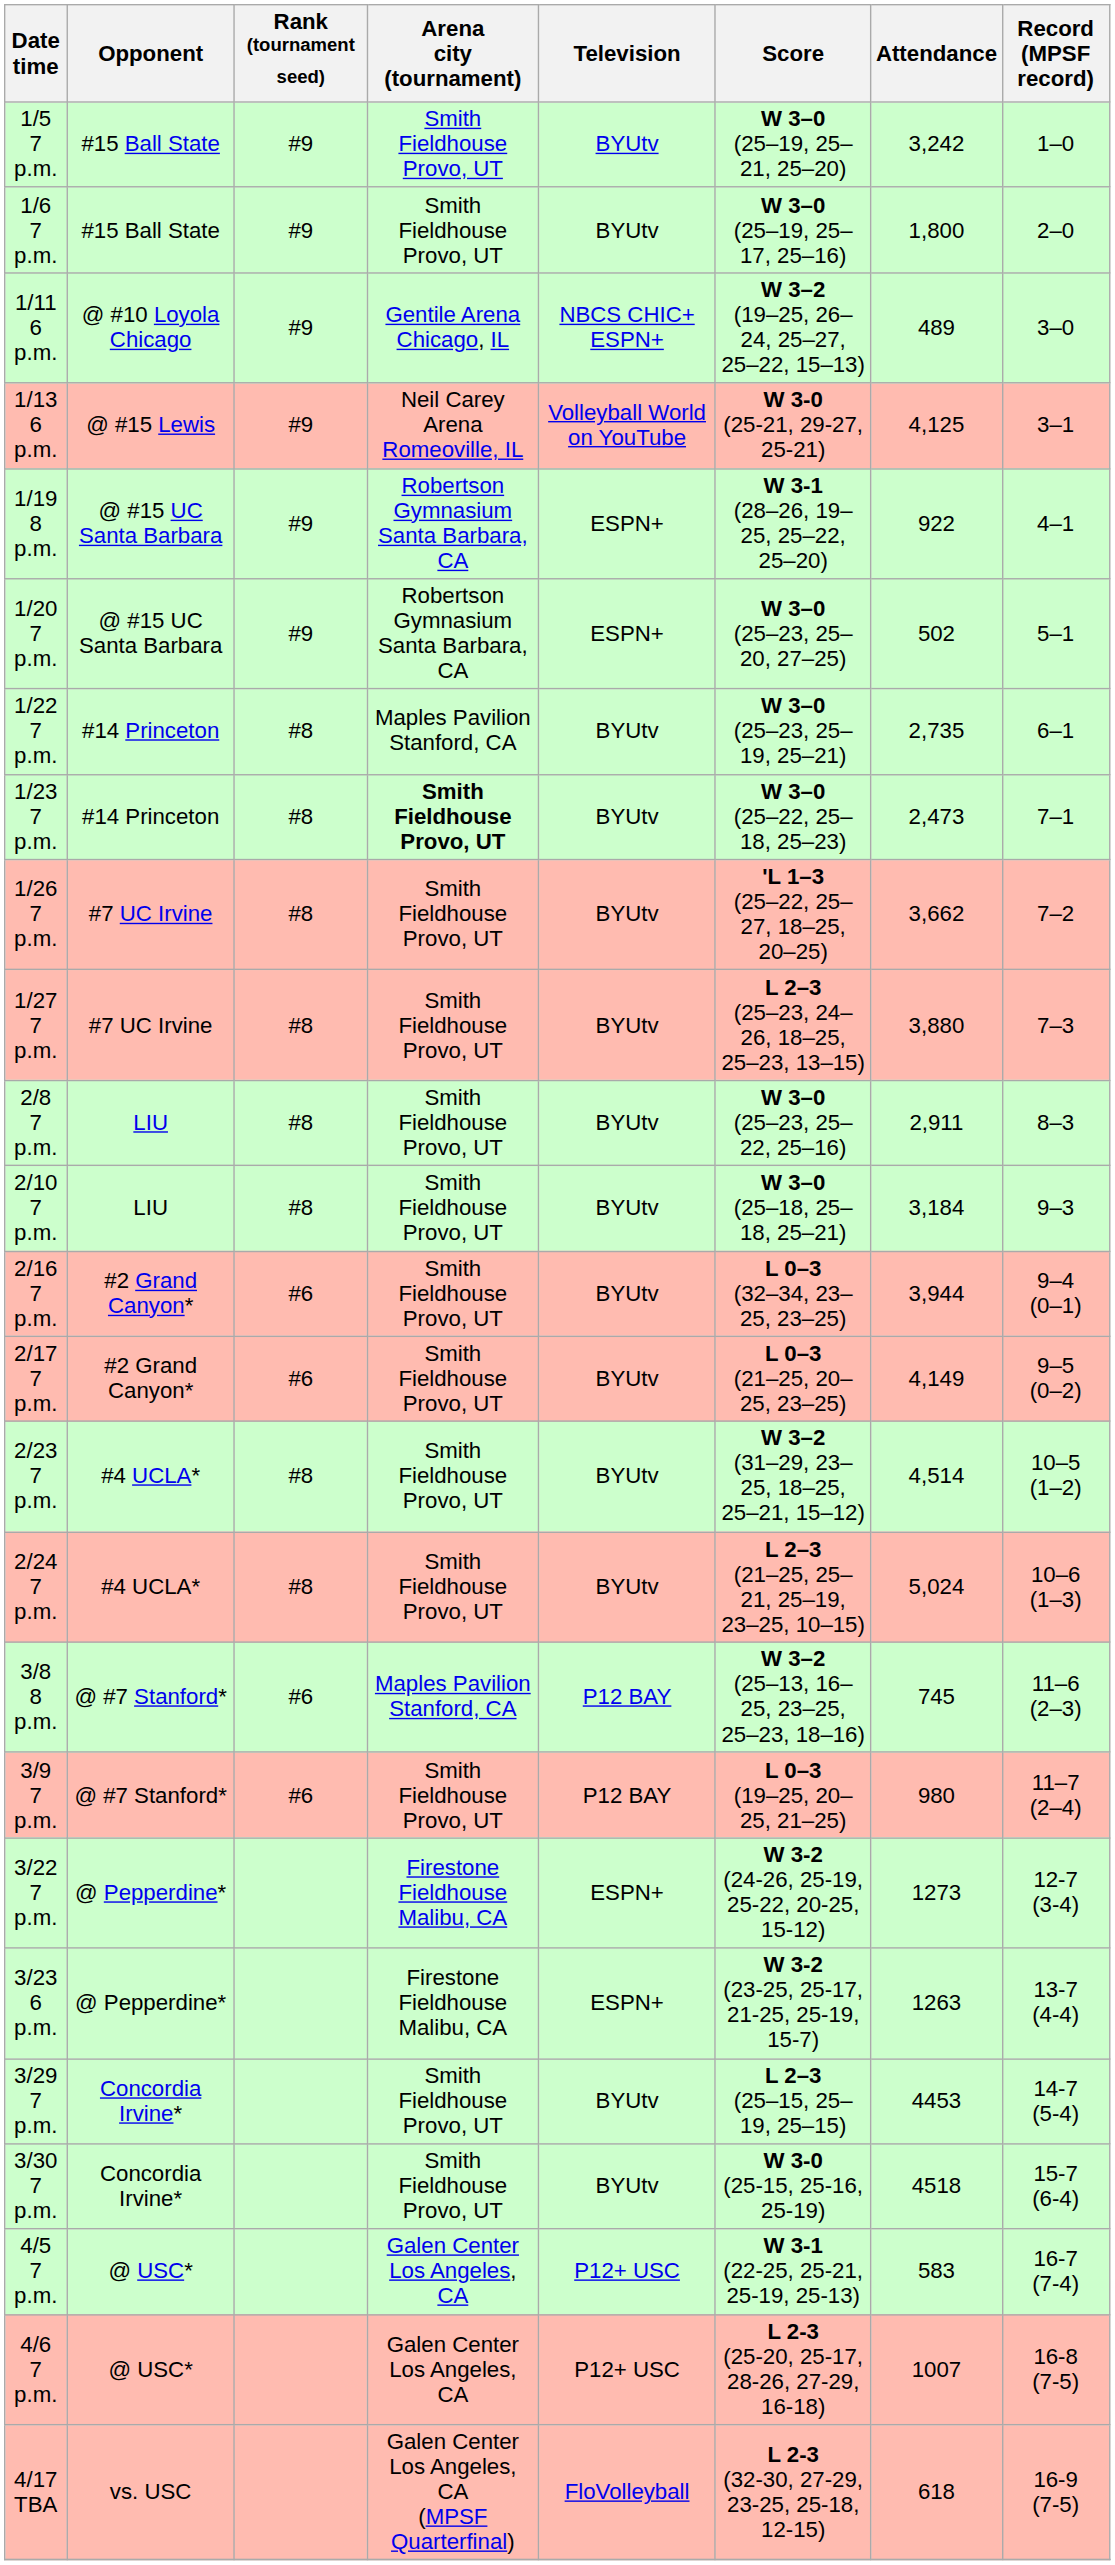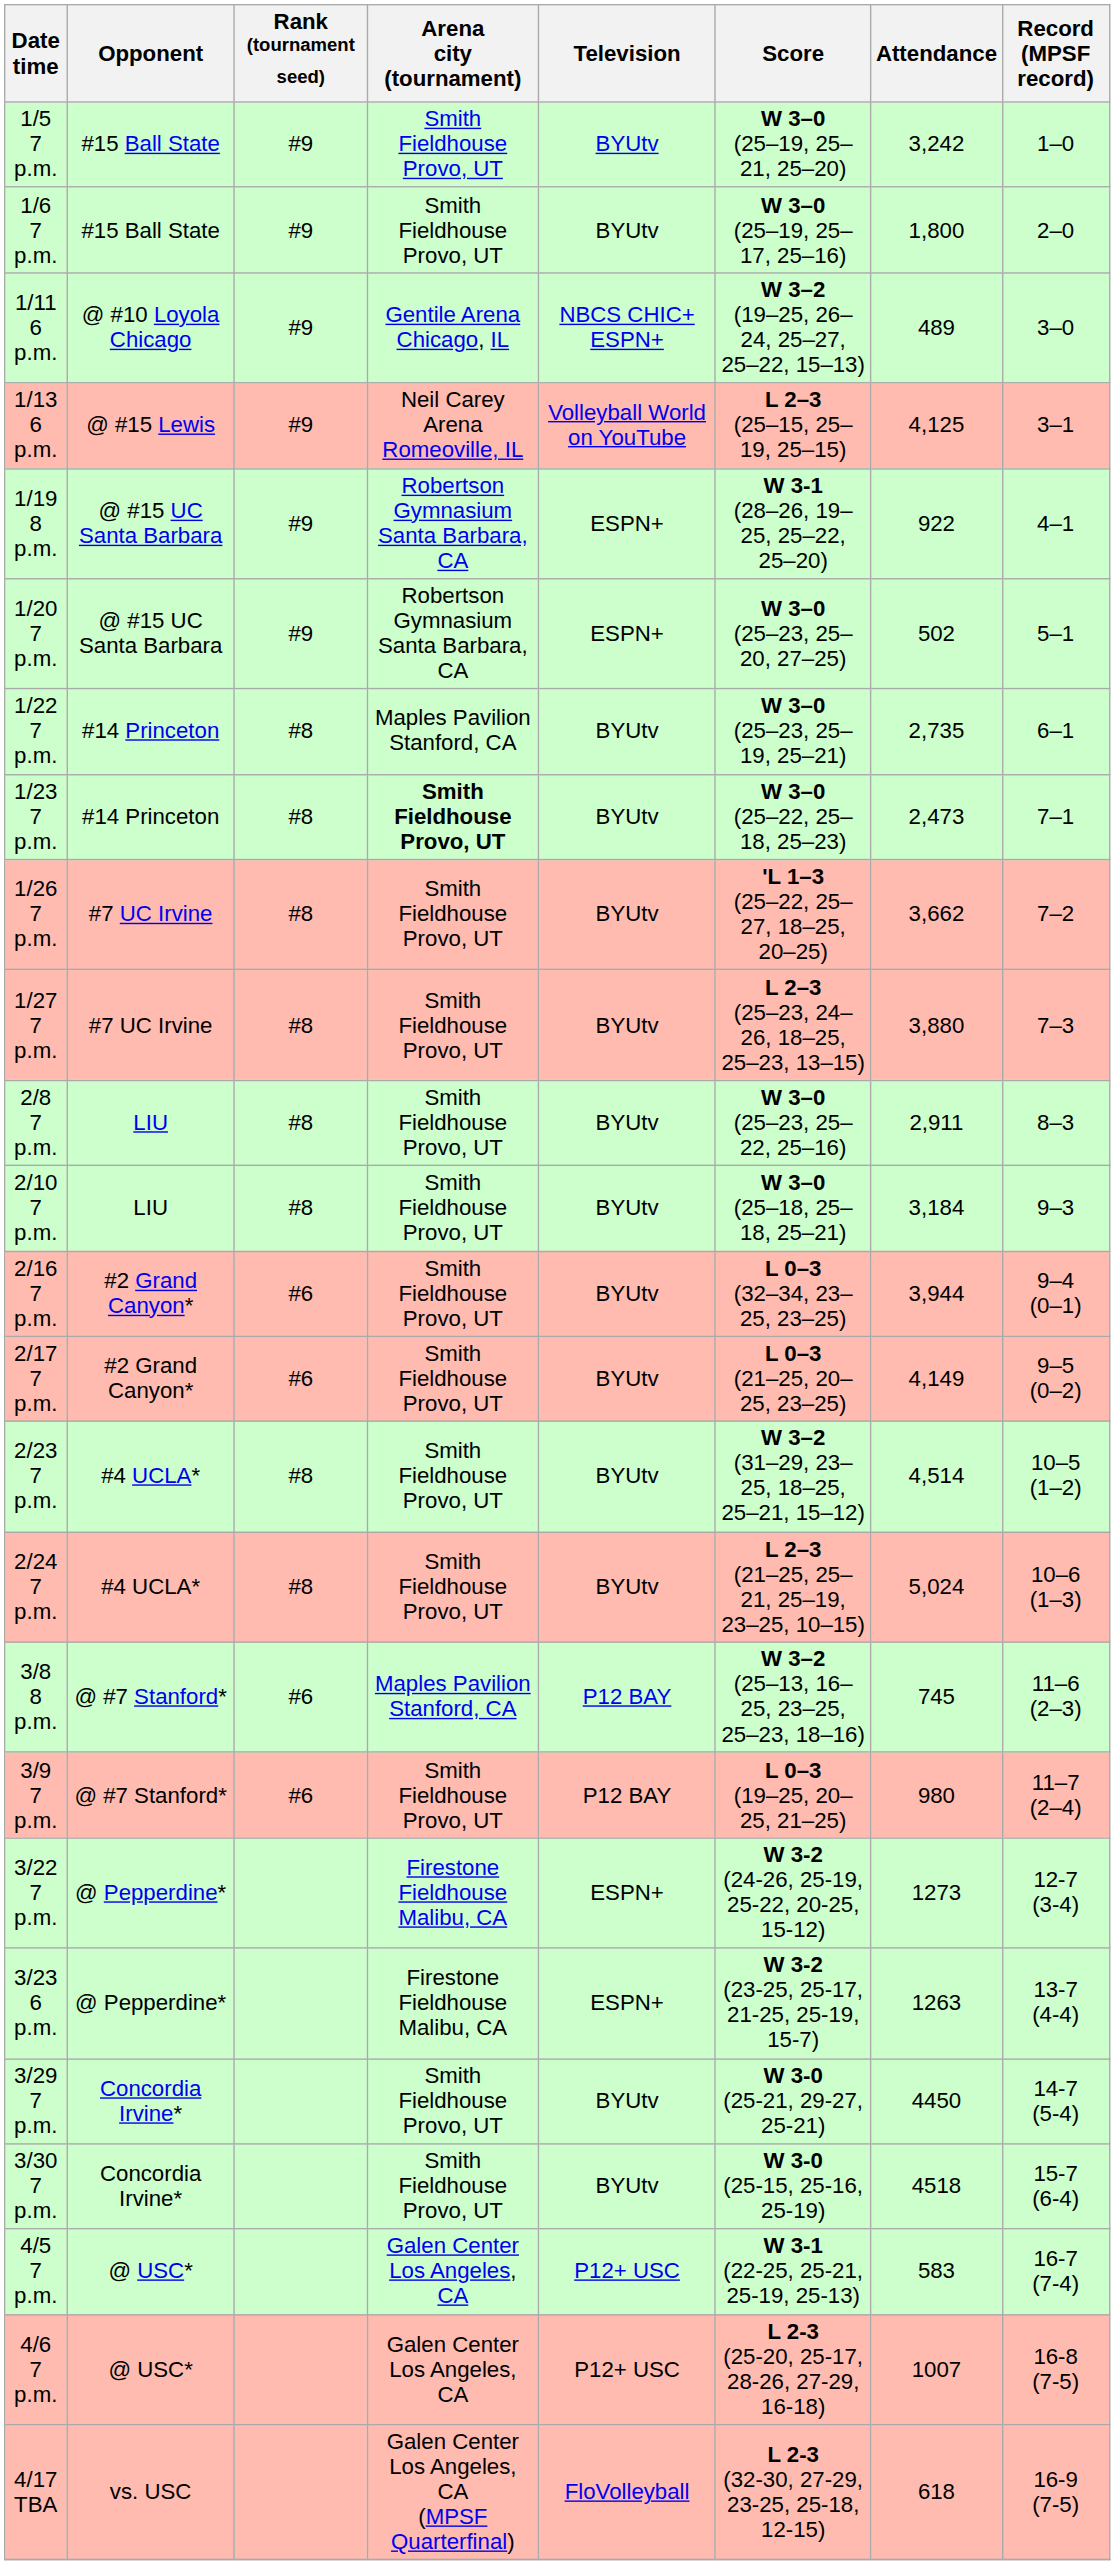 <table class="wikitable sortable" style="width:90%">
 <tr>
 <th>Date<br>time</th>
 <th>Opponent</th>
 <th>Rank<br><sup>(tournament seed)</sup></th>
 <th>Arena<br>city<br>(tournament)</th>
 <th>Television</th>
 <th>Score</th>
 <th>Attendance</th>
 <th>Record<br>(MPSF record)</th>
 </tr>
 <tr align="center" bgcolor="#ccffcc">
 <td>1/5<br>7 p.m.</td>
 <td>#15 <a href='#'>Ball State</a></td>
 <td>#9</td>
 <td><a href='#'>Smith Fieldhouse</a><br><a href='#'>Provo, UT</a></td>
 <td><a href='#'>BYUtv</a></td>
 <td><strong>W 3–0</strong><br>(25–19, 25–21, 25–20)</td>
 <td>3,242</td>
 <td>1–0</td>
 </tr>
 <tr align="center" bgcolor="#ccffcc">
 <td>1/6<br>7 p.m.</td>
 <td>#15 Ball State</td>
 <td>#9</td>
 <td>Smith Fieldhouse<br>Provo, UT</td>
 <td>BYUtv</td>
 <td><strong>W 3–0</strong><br>(25–19, 25–17, 25–16)</td>
 <td>1,800</td>
 <td>2–0</td>
 </tr>
 <tr align="center" bgcolor="#ccffcc">
 <td>1/11<br>6 p.m.</td>
 <td>@ #10 <a href='#'>Loyola Chicago</a></td>
 <td>#9</td>
 <td><a href='#'>Gentile Arena</a><br><a href='#'>Chicago</a>, <a href='#'>IL</a></td>
 <td><a href='#'>NBCS CHIC+</a><br><a href='#'>ESPN+</a></td>
 <td><strong>W 3–2</strong><br>(19–25, 26–24, 25–27, 25–22, 15–13)</td>
 <td>489</td>
 <td>3–0</td>
 </tr>
 <tr align="center" bgcolor="#ffbbb">
 <td>1/13<br>6 p.m.</td>
 <td>@ #15 <a href='#'>Lewis</a></td>
 <td>#9</td>
 <td>Neil Carey Arena<br><a href='#'>Romeoville, IL</a></td>
 <td><a href='#'>Volleyball World on YouTube</a></td>
-<td><strong>W 3-0</strong><br>(25-21, 29-27, 25-21)</td>
+<td><strong>L 2–3</strong><br>(25–15, 25–19, 25–15)</td>
 <td>4,125</td>
 <td>3–1</td>
 </tr>
 <tr align="center" bgcolor="#ccffcc">
 <td>1/19<br>8 p.m.</td>
 <td>@ #15 <a href='#'>UC Santa Barbara</a></td>
 <td>#9</td>
 <td><a href='#'>Robertson Gymnasium</a><br><a href='#'>Santa Barbara, CA</a></td>
 <td>ESPN+</td>
 <td><strong>W 3-1</strong><br>(28–26, 19–25, 25–22, 25–20)</td>
 <td>922</td>
 <td>4–1</td>
 </tr>
 <tr align="center" bgcolor="#ccffcc">
 <td>1/20<br>7 p.m.</td>
 <td>@ #15 UC Santa Barbara</td>
 <td>#9</td>
 <td>Robertson Gymnasium<br>Santa Barbara, CA</td>
 <td>ESPN+</td>
 <td><strong>W 3–0</strong><br>(25–23, 25–20, 27–25)</td>
 <td>502</td>
 <td>5–1</td>
 </tr>
 <tr align="center" bgcolor="#ccffcc">
 <td>1/22<br>7 p.m.</td>
 <td>#14 <a href='#'>Princeton</a></td>
 <td>#8</td>
 <td>Maples Pavilion<br>Stanford, CA</td>
 <td>BYUtv</td>
 <td><strong>W 3–0</strong> <br>(25–23, 25–19, 25–21)</td>
 <td>2,735</td>
 <td>6–1</td>
 </tr>
 <tr align="center" bgcolor="#ccffcc">
 <td>1/23<br>7 p.m.</td>
 <td>#14 Princeton</td>
 <td>#8</td>
 <td><strong>Smith Fieldhouse<br>Provo, UT</strong></td>
 <td>BYUtv</td>
 <td><strong>W 3–0</strong> <br>(25–22, 25–18, 25–23)</td>
 <td>2,473</td>
 <td>7–1</td>
 </tr>
 <tr align="center" bgcolor="#ffbbb">
 <td>1/26<br>7 p.m.</td>
 <td>#7 <a href='#'>UC Irvine</a></td>
 <td>#8</td>
 <td>Smith Fieldhouse<br>Provo, UT</td>
 <td>BYUtv</td>
 <td><strong>'L 1–3</strong> <br> (25–22, 25–27, 18–25, 20–25)</td>
 <td>3,662</td>
 <td>7–2</td>
 </tr>
 <tr align="center" bgcolor="#ffbbb">
 <td>1/27<br>7 p.m.</td>
 <td>#7 UC Irvine</td>
 <td>#8</td>
 <td>Smith Fieldhouse<br>Provo, UT</td>
 <td>BYUtv</td>
 <td><strong>L 2–3</strong> <br> (25–23, 24–26, 18–25, 25–23, 13–15)</td>
 <td>3,880</td>
 <td>7–3</td>
 </tr>
 <tr align="center" bgcolor="#ccffcc">
 <td>2/8<br>7 p.m.</td>
 <td><a href='#'>LIU</a></td>
 <td>#8</td>
 <td>Smith Fieldhouse<br>Provo, UT</td>
 <td>BYUtv</td>
 <td><strong>W 3–0</strong> <br> (25–23, 25–22, 25–16)</td>
 <td>2,911</td>
 <td>8–3</td>
 </tr>
 <tr align="center" bgcolor="#ccffcc">
 <td>2/10<br>7 p.m.</td>
 <td>LIU</td>
 <td>#8</td>
 <td>Smith Fieldhouse<br>Provo, UT</td>
 <td>BYUtv</td>
 <td><strong>W 3–0</strong> <br> (25–18, 25–18, 25–21)</td>
 <td>3,184</td>
 <td>9–3</td>
 </tr>
 <tr align="center" bgcolor="#ffbbb">
 <td>2/16<br>7 p.m.</td>
 <td>#2 <a href='#'>Grand Canyon</a>*</td>
 <td>#6</td>
 <td>Smith Fieldhouse<br>Provo, UT</td>
 <td>BYUtv</td>
 <td><strong>L 0–3</strong> <br> (32–34, 23–25, 23–25)</td>
 <td>3,944</td>
 <td>9–4<br>(0–1)</td>
 </tr>
 <tr align="center" bgcolor="#ffbbb">
 <td>2/17<br>7 p.m.</td>
 <td>#2 Grand Canyon*</td>
 <td>#6</td>
 <td>Smith Fieldhouse<br>Provo, UT</td>
 <td>BYUtv</td>
 <td><strong>L 0–3</strong> <br> (21–25, 20–25, 23–25)</td>
 <td>4,149</td>
 <td>9–5<br>(0–2)</td>
 </tr>
 <tr align="center" bgcolor="#ccffcc">
 <td>2/23<br>7 p.m.</td>
 <td>#4 <a href='#'>UCLA</a>*</td>
 <td>#8</td>
 <td>Smith Fieldhouse<br>Provo, UT</td>
 <td>BYUtv</td>
 <td><strong>W 3–2</strong> <br>(31–29, 23–25, 18–25, 25–21, 15–12)</td>
 <td>4,514</td>
 <td>10–5<br>(1–2)</td>
 </tr>
 <tr align="center" bgcolor="#ffbbb">
 <td>2/24<br>7 p.m.</td>
 <td>#4 UCLA*</td>
 <td>#8</td>
 <td>Smith Fieldhouse<br>Provo, UT</td>
 <td>BYUtv</td>
 <td><strong>L 2–3</strong> <br> (21–25, 25–21, 25–19, 23–25, 10–15)</td>
 <td>5,024</td>
 <td>10–6<br>(1–3)</td>
 </tr>
 <tr align="center" bgcolor="#ccffcc">
 <td>3/8<br>8 p.m.</td>
 <td>@ #7 <a href='#'>Stanford</a>*</td>
 <td>#6</td>
 <td><a href='#'>Maples Pavilion</a><br><a href='#'>Stanford, CA</a></td>
 <td><a href='#'>P12 BAY</a></td>
 <td><strong>W 3–2</strong><br>(25–13, 16–25, 23–25, 25–23, 18–16)</td>
 <td>745</td>
 <td>11–6<br>(2–3)</td>
 </tr>
 <tr align="center" bgcolor="#ffbbb">
 <td>3/9<br>7 p.m.</td>
 <td>@ #7 Stanford*</td>
 <td>#6</td>
 <td>Smith Fieldhouse<br>Provo, UT</td>
 <td>P12 BAY</td>
 <td><strong>L 0–3</strong><br>(19–25, 20–25, 21–25)</td>
 <td>980</td>
 <td>11–7<br>(2–4)</td>
 </tr>
 <tr align="center" bgcolor="#ccffcc">
 <td>3/22<br>7 p.m.</td>
 <td>@ <a href='#'>Pepperdine</a>*</td>
 <td></td>
 <td><a href='#'>Firestone Fieldhouse</a><br><a href='#'>Malibu, CA</a></td>
 <td>ESPN+</td>
 <td><strong>W 3-2</strong><br>(24-26, 25-19, 25-22, 20-25, 15-12)</td>
 <td>1273</td>
 <td>12-7<br>(3-4)</td>
 </tr>
 <tr align="center" bgcolor="#ccffcc">
 <td>3/23<br>6 p.m.</td>
 <td>@ Pepperdine*</td>
 <td></td>
 <td>Firestone Fieldhouse<br>Malibu, CA</td>
 <td>ESPN+</td>
 <td><strong>W 3-2</strong><br>(23-25, 25-17, 21-25, 25-19, 15-7)</td>
 <td>1263</td>
 <td>13-7<br>(4-4)</td>
 </tr>
 <tr align="center" bgcolor="#ccffcc">
 <td>3/29<br>7 p.m.</td>
 <td><a href='#'>Concordia Irvine</a>*</td>
 <td></td>
 <td>Smith Fieldhouse<br>Provo, UT</td>
 <td>BYUtv</td>
-<td><strong>L 2–3</strong><br>(25–15, 25–19, 25–15)</td>
-<td>4453</td>
+<td><strong>W 3-0</strong><br>(25-21, 29-27, 25-21)</td>
+<td>4450</td>
 <td>14-7<br>(5-4)</td>
 </tr>
 <tr align="center" bgcolor="#ccffcc">
 <td>3/30<br>7 p.m.</td>
 <td>Concordia Irvine*</td>
 <td></td>
 <td>Smith Fieldhouse<br>Provo, UT</td>
 <td>BYUtv</td>
 <td><strong>W 3-0</strong><br>(25-15, 25-16, 25-19)</td>
 <td>4518</td>
 <td>15-7<br>(6-4)</td>
 </tr>
 <tr align="center" bgcolor="#ccffcc">
 <td>4/5<br>7 p.m.</td>
 <td>@ <a href='#'>USC</a>*</td>
 <td></td>
 <td><a href='#'>Galen Center</a><br><a href='#'>Los Angeles</a>, <a href='#'>CA</a></td>
 <td><a href='#'>P12+ USC</a></td>
 <td><strong>W 3-1</strong><br>(22-25, 25-21, 25-19, 25-13)</td>
 <td>583</td>
 <td>16-7<br>(7-4)</td>
 </tr>
 <tr align="center" bgcolor="#ffbbb">
 <td>4/6<br>7 p.m.</td>
 <td>@ USC*</td>
 <td></td>
 <td>Galen Center<br>Los Angeles, CA</td>
 <td>P12+ USC</td>
 <td><strong>L 2-3</strong><br>(25-20, 25-17, 28-26, 27-29, 16-18)</td>
 <td>1007</td>
 <td>16-8<br>(7-5)</td>
 </tr>
 <tr align="center" bgcolor="#ffbbb">
 <td>4/17<br>TBA</td>
 <td>vs. USC</td>
 <td></td>
 <td>Galen Center<br>Los Angeles, CA<br>(<a href='#'>MPSF Quarterfinal</a>)</td>
 <td><a href='#'>FloVolleyball</a></td>
 <td><strong>L 2-3</strong><br>(32-30, 27-29, 23-25, 25-18, 12-15)</td>
 <td>618</td>
 <td>16-9<br>(7-5)</td>
 </tr>
 <tr>
 </tr>
 </table>
